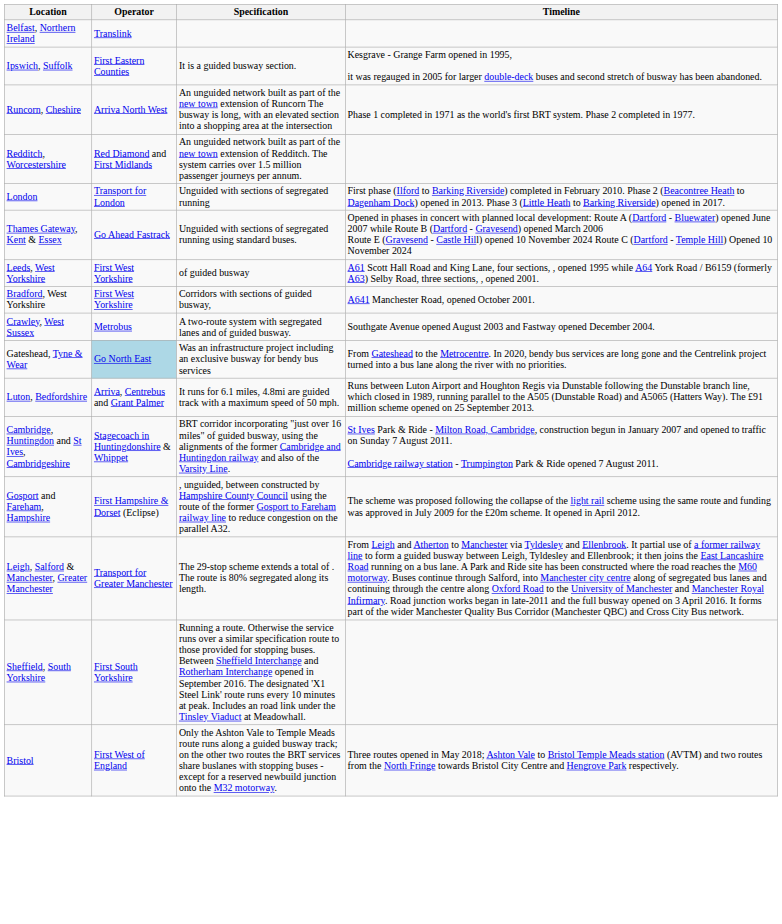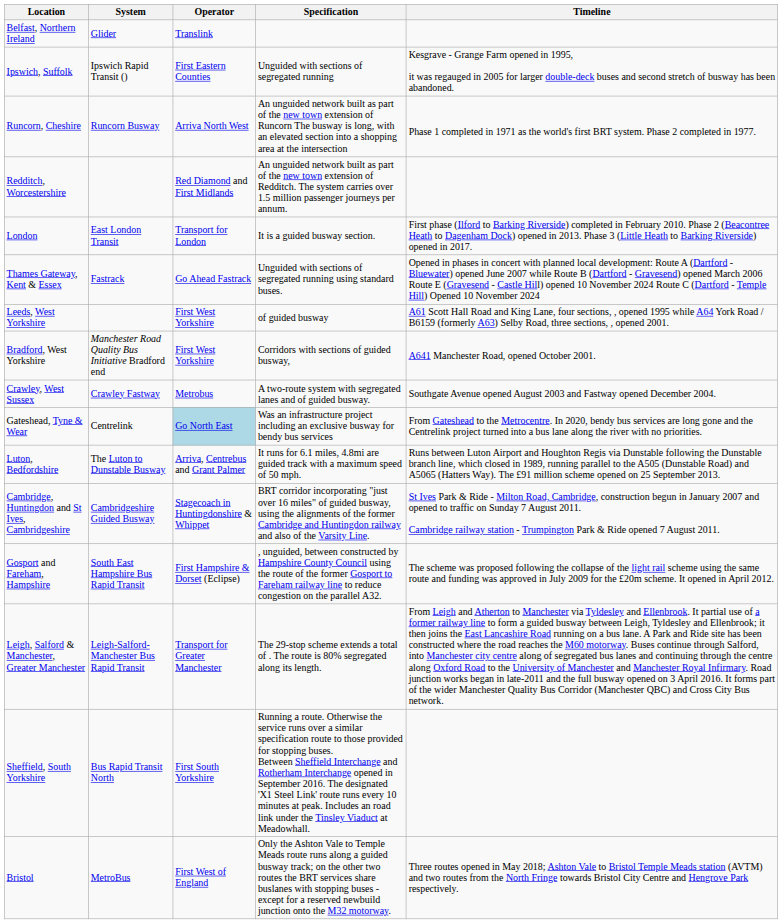 <table class="wikitable sortable">
 <tr>
 <th>Location</th>
+<th>System</th>
 <th>Operator</th>
 <th>Specification</th>
 <th>Timeline</th>
 </tr>
 <tr>
 <td><a href='#'>Belfast</a>, <a href='#'>Northern Ireland</a></td>
+<td><a href='#'>Glider</a></td>
 <td><a href='#'>Translink</a></td>
 <td></td>
 <td></td>
 </tr>
 <tr>
 <td><a href='#'>Ipswich</a>, <a href='#'>Suffolk</a></td>
+<td>Ipswich Rapid Transit ()</td>
 <td><a href='#'>First Eastern Counties</a></td>
-<td>It is a  guided busway section.</td>
+<td>Unguided with sections of segregated running</td>
 <td>Kesgrave - Grange Farm opened in 1995,<br><br>it was regauged in 2005 for larger <a href='#'>double-deck</a> buses and second stretch of busway has been abandoned.</td>
 </tr>
 <tr>
 <td><a href='#'>Runcorn</a>, <a href='#'>Cheshire</a></td>
+<td><a href='#'>Runcorn Busway</a></td>
 <td><a href='#'>Arriva North West</a></td>
 <td>An unguided network built as part of the <a href='#'>new town</a> extension of Runcorn The busway is  long, with an elevated section into a shopping area at the intersection</td>
 <td><br>Phase 1 completed in 1971 as the world's first BRT system. Phase 2 completed in 1977.</td>
 </tr>
 <tr>
 <td><a href='#'>Redditch</a>, <a href='#'>Worcestershire</a></td>
+<td></td>
 <td><a href='#'>Red Diamond</a> and <a href='#'>First Midlands</a></td>
 <td>An unguided network built as part of the <a href='#'>new town</a> extension of Redditch. The system carries over 1.5 million passenger journeys per annum.</td>
 <td></td>
 </tr>
 <tr>
 <td><a href='#'>London</a></td>
+<td><a href='#'>East London Transit</a></td>
 <td><a href='#'>Transport for London</a></td>
-<td>Unguided with sections of segregated running</td>
+<td>It is a  guided busway section.</td>
 <td>First phase (<a href='#'>Ilford</a> to <a href='#'>Barking Riverside</a>) completed in February 2010. Phase 2 (<a href='#'>Beacontree Heath</a> to <a href='#'>Dagenham Dock</a>) opened in 2013. Phase 3 (<a href='#'>Little Heath</a>  to <a href='#'>Barking Riverside</a>) opened in 2017.</td>
 </tr>
 <tr>
 <td><a href='#'>Thames Gateway</a>, <a href='#'>Kent</a> & <a href='#'>Essex</a></td>
+<td><a href='#'>Fastrack</a></td>
 <td><a href='#'>Go Ahead Fastrack</a></td>
 <td>Unguided with sections of segregated running using standard buses.</td>
 <td>Opened in phases in concert with planned local development: Route A (<a href='#'>Dartford</a> - <a href='#'>Bluewater</a>) opened June 2007 while Route B (<a href='#'>Dartford</a> - <a href='#'>Gravesend</a>) opened March 2006<br>Route E (<a href='#'>Gravesend</a> - <a href='#'>Castle Hil</a>l) opened 10 November 2024 Route C (<a href='#'>Dartford</a> - <a href='#'>Temple Hill</a>) Opened 10 November 2024</td>
 </tr>
 <tr>
 <td><a href='#'>Leeds</a>, <a href='#'>West Yorkshire</a></td>
+<td></td>
 <td><a href='#'>First West Yorkshire</a></td>
 <td> of guided busway</td>
 <td><a href='#'>A61</a> Scott Hall Road and King Lane, four sections, , opened 1995 while <a href='#'>A64</a> York Road / B6159 (formerly <a href='#'>A63</a>) Selby Road, three sections, , opened 2001.</td>
 </tr>
 <tr>
 <td><a href='#'>Bradford</a>, West Yorkshire</td>
+<td><em>Manchester Road Quality Bus Initiative</em> Bradford end</td>
 <td><a href='#'>First West Yorkshire</a></td>
 <td>Corridors with sections of guided busway,</td>
 <td><a href='#'>A641</a> Manchester Road, opened October 2001.</td>
 </tr>
 <tr>
 <td><a href='#'>Crawley</a>, <a href='#'>West Sussex</a></td>
+<td><a href='#'>Crawley Fastway</a></td>
 <td><a href='#'>Metrobus</a></td>
 <td>A  two-route system with segregated lanes and  of guided busway.</td>
 <td>Southgate Avenue opened August 2003 and Fastway opened December 2004.</td>
 </tr>
 <tr>
 <td>Gateshead, <a href='#'>Tyne & Wear</a></td>
+<td>Centrelink</td>
 <td style="background: lightblue;"><a href='#'>Go North East</a></td>
 <td>Was an infrastructure project including an exclusive busway for bendy bus services</td>
 <td>From <a href='#'>Gateshead</a> to the <a href='#'>Metrocentre</a>. In 2020, bendy bus services are long gone and the Centrelink project turned into a bus lane along the river with no priorities.</td>
 </tr>
 <tr>
 <td><a href='#'>Luton</a>, <a href='#'>Bedfordshire</a></td>
+<td>The <a href='#'>Luton to Dunstable Busway</a></td>
 <td><a href='#'>Arriva</a>, <a href='#'>Centrebus</a> and <a href='#'>Grant Palmer</a></td>
 <td>It runs for 6.1 miles, 4.8mi are guided track with a maximum speed of 50 mph.</td>
 <td>Runs between Luton Airport and Houghton Regis via Dunstable following the Dunstable branch line, which closed in 1989, running parallel to the A505 (Dunstable Road) and A5065 (Hatters Way). The £91 million scheme opened on 25 September 2013.</td>
 </tr>
 <tr>
 <td><a href='#'>Cambridge</a>, <a href='#'>Huntingdon</a> and <a href='#'>St Ives</a>, <a href='#'>Cambridgeshire</a></td>
+<td><a href='#'>Cambridgeshire Guided Busway</a></td>
 <td><a href='#'>Stagecoach in Huntingdonshire</a> & <a href='#'>Whippet</a></td>
 <td>BRT corridor incorporating "just over 16 miles" of guided busway, using the alignments of the former <a href='#'>Cambridge and Huntingdon railway</a> and also of the <a href='#'>Varsity Line</a>.</td>
 <td><a href='#'>St Ives</a> Park & Ride - <a href='#'>Milton Road, Cambridge</a>, construction begun in January 2007 and opened to traffic on Sunday 7 August 2011. <br><br><a href='#'>Cambridge railway station</a> - <a href='#'>Trumpington</a> Park & Ride opened 7 August 2011.</td>
 </tr>
 <tr>
 <td><a href='#'>Gosport</a> and <a href='#'>Fareham</a>, <a href='#'>Hampshire</a></td>
+<td><a href='#'>South East Hampshire Bus Rapid Transit</a></td>
 <td><a href='#'>First Hampshire & Dorset</a> (Eclipse)</td>
 <td>, unguided, between constructed by <a href='#'>Hampshire County Council</a> using the route of the former <a href='#'>Gosport to Fareham railway line</a> to reduce congestion on the parallel A32.</td>
 <td>The scheme was proposed following the collapse of the <a href='#'>light rail</a> scheme using the same route and funding was approved in July 2009 for the £20m scheme. It opened in April 2012.</td>
 </tr>
 <tr>
 <td><a href='#'>Leigh</a>, <a href='#'>Salford</a> & <a href='#'>Manchester</a>, <a href='#'>Greater Manchester</a></td>
+<td><a href='#'>Leigh-Salford-Manchester Bus Rapid Transit</a></td>
 <td><a href='#'>Transport for Greater Manchester</a></td>
 <td>The 29-stop scheme extends a total of . The route is 80% segregated along its length.</td>
 <td>From <a href='#'>Leigh</a> and <a href='#'>Atherton</a> to <a href='#'>Manchester</a> via <a href='#'>Tyldesley</a> and <a href='#'>Ellenbrook</a>. It partial use of <a href='#'>a former railway line</a> to form a  guided busway between Leigh, Tyldesley and Ellenbrook; it then joins the <a href='#'>East Lancashire Road</a> running on a bus lane. A Park and Ride site has been constructed where the road reaches the <a href='#'>M60 motorway</a>. Buses continue through Salford, into <a href='#'>Manchester city centre</a> along  of segregated bus lanes and continuing through the centre along <a href='#'>Oxford Road</a> to the <a href='#'>University of Manchester</a> and <a href='#'>Manchester Royal Infirmary</a>. Road junction works began in late-2011 and the full busway opened on 3 April 2016. It forms part of the wider Manchester Quality Bus Corridor (Manchester QBC) and Cross City Bus network.</td>
 </tr>
 <tr>
 <td><a href='#'>Sheffield</a>, <a href='#'>South Yorkshire</a></td>
+<td><a href='#'>Bus Rapid Transit North</a></td>
 <td><a href='#'>First South Yorkshire</a></td>
 <td>Running a  route. Otherwise the service runs over a similar specification route to those provided for stopping buses.<br>Between <a href='#'>Sheffield Interchange</a> and <a href='#'>Rotherham Interchange</a> opened in September 2016. The designated 'X1 Steel Link' route runs every 10 minutes at peak.  Includes an  road link under the <a href='#'>Tinsley Viaduct</a> at Meadowhall.</td>
 <td></td>
 </tr>
 <tr>
 <td><a href='#'>Bristol</a></td>
+<td><a href='#'>MetroBus</a></td>
 <td><a href='#'>First West of England</a></td>
 <td>Only the Ashton Vale to Temple Meads route runs along a guided busway track; on the other two routes the BRT services share buslanes with stopping buses - except for a reserved newbuild junction onto the <a href='#'>M32 motorway</a>.</td>
 <td>Three routes opened in May 2018; <a href='#'>Ashton Vale</a> to <a href='#'>Bristol Temple Meads station</a> (AVTM) and two routes from the <a href='#'>North Fringe</a> towards Bristol City Centre and  <a href='#'>Hengrove Park</a> respectively.</td>
 </tr>
 </table>
